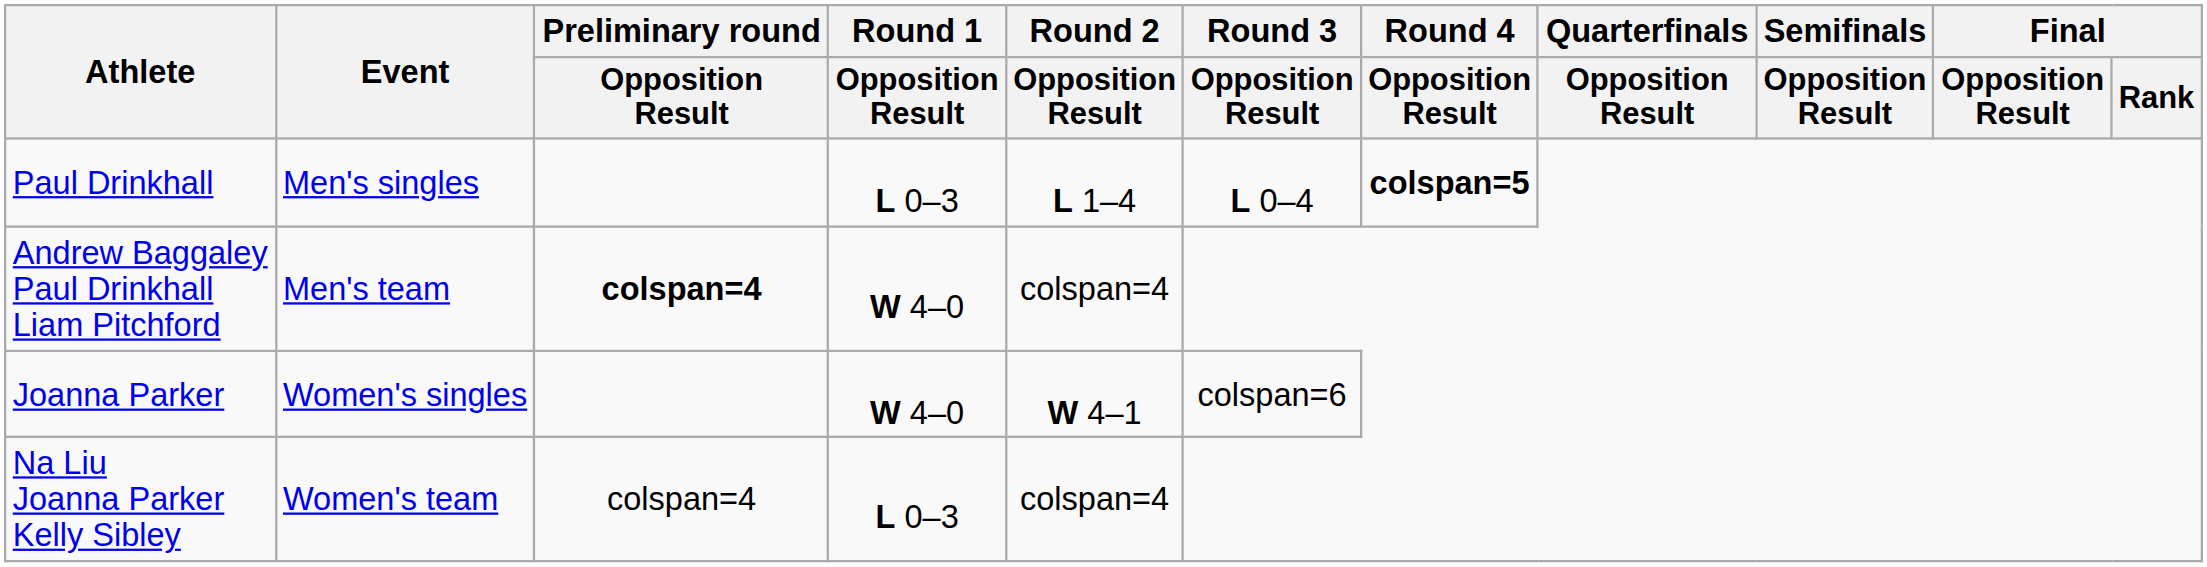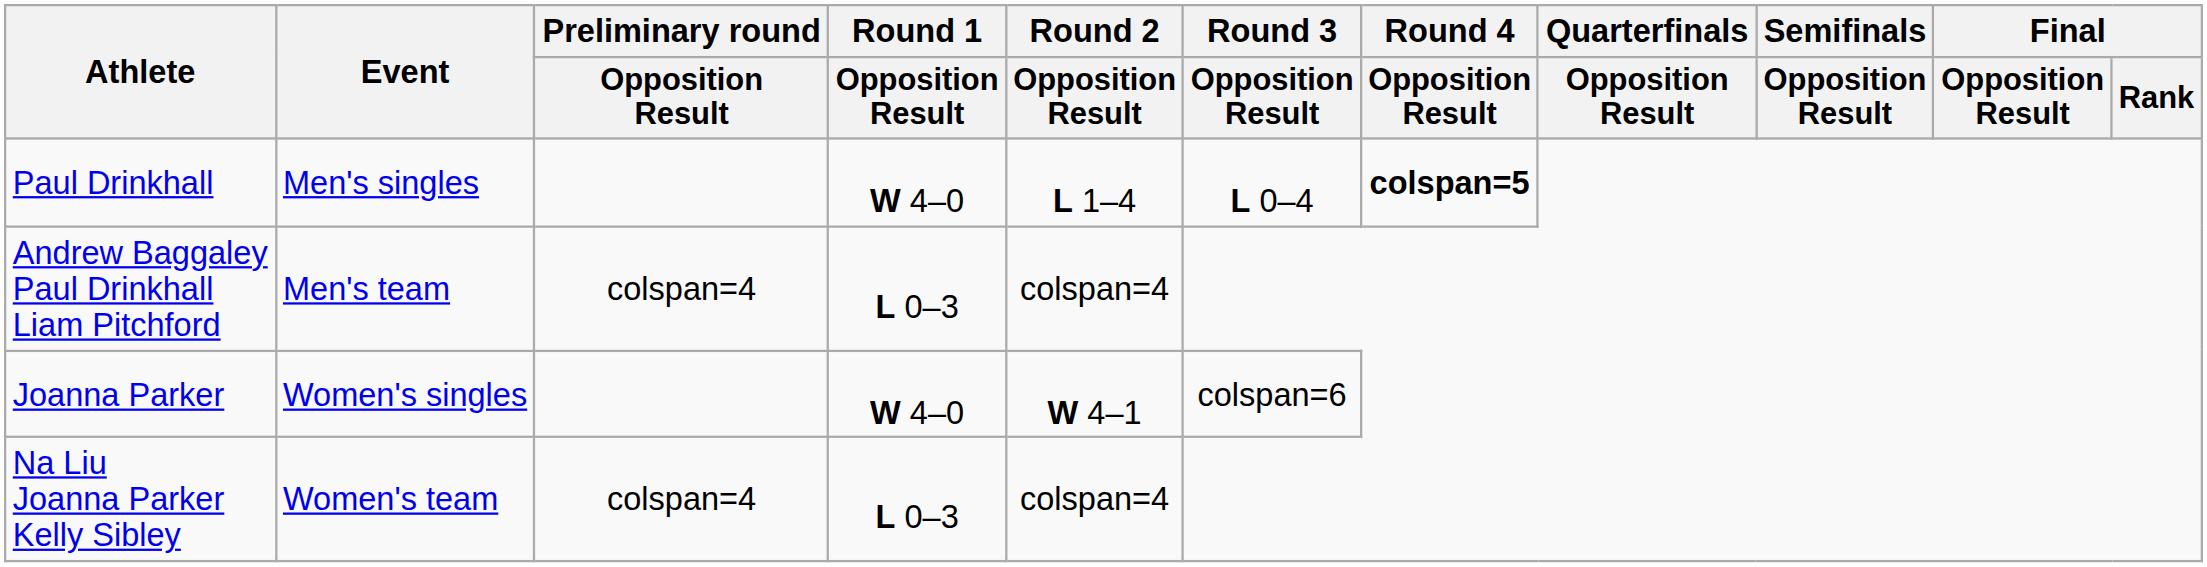 <table class="wikitable" style="text-align:center; font-size:90%;">
 <tr>
 <th rowspan=2>Athlete</th>
 <th rowspan=2>Event</th>
 <th>Preliminary round</th>
 <th>Round 1</th>
 <th>Round 2</th>
 <th>Round 3</th>
 <th>Round 4</th>
 <th>Quarterfinals</th>
 <th>Semifinals</th>
 <th colspan=2>Final</th>
 </tr>
 <tr style="font-size:95%">
 <th>Opposition<br>Result</th>
 <th>Opposition<br>Result</th>
 <th>Opposition<br>Result</th>
 <th>Opposition<br>Result</th>
 <th>Opposition<br>Result</th>
 <th>Opposition<br>Result</th>
 <th>Opposition<br>Result</th>
 <th>Opposition<br>Result</th>
 <th>Rank</th>
 </tr>
 <tr>
 <td style="text-align:left;"><a href='#'>Paul Drinkhall</a></td>
 <td style="text-align:left;"><a href='#'>Men's singles</a></td>
 <td></td>
-<td><br><strong>L</strong> 0–3</td>
+<td><br><strong>W</strong> 4–0</td>
 <td><br><strong>L</strong> 1–4</td>
 <td><br><strong>L</strong> 0–4</td>
 <td><strong>colspan=5 </strong></td>
 </tr>
 <tr>
 <td style="text-align:left;"><a href='#'>Andrew Baggaley</a><br><a href='#'>Paul Drinkhall</a><br><a href='#'>Liam Pitchford</a></td>
 <td style="text-align:left;"><a href='#'>Men's team</a></td>
-<td><strong>colspan=4 </strong></td>
-<td><br><strong>W</strong> 4–0</td>
+<td>colspan=4 </td>
+<td><br><strong>L</strong> 0–3</td>
 <td>colspan=4 </td>
 </tr>
 <tr>
 <td style="text-align:left;"><a href='#'>Joanna Parker</a></td>
 <td style="text-align:left;"><a href='#'>Women's singles</a></td>
 <td></td>
 <td><br><strong>W</strong> 4–0</td>
 <td><br><strong>W</strong> 4–1</td>
 <td>colspan=6 </td>
 </tr>
 <tr>
 <td style="text-align:left;"><a href='#'>Na Liu</a><br><a href='#'>Joanna Parker</a><br><a href='#'>Kelly Sibley</a></td>
 <td style="text-align:left;"><a href='#'>Women's team</a></td>
 <td>colspan=4 </td>
 <td><br><strong>L</strong> 0–3</td>
 <td>colspan=4 </td>
 </tr>
 </table>
